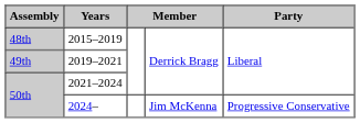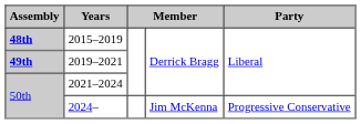 <table border=1 cellpadding=5 cellspacing=0>
 <tr bgcolor="CCCCCC">
 <th>Assembly</th>
 <th>Years</th>
 <th colspan="2">Member</th>
 <th>Party</th>
 </tr>
 <tr>
-<td bgcolor="CCCCCC"><a href='#'>48th</a></td>
+<td bgcolor="CCCCCC"><strong><a href='#'>48th</a></strong></td>
 <td>2015–2019</td>
 <td rowspan="3" >   </td>
 <td rowspan="3"><a href='#'>Derrick Bragg</a></td>
 <td rowspan="3"><a href='#'>Liberal</a></td>
 </tr>
 <tr>
-<td bgcolor="CCCCCC"><a href='#'>49th</a></td>
+<td bgcolor="CCCCCC"><strong><a href='#'>49th</a></strong></td>
 <td>2019–2021</td>
 </tr>
 <tr>
 <td rowspan="2" bgcolor="CCCCCC"><a href='#'>50th</a></td>
 <td>2021–2024</td>
 </tr>
 <tr>
 <td><a href='#'>2024</a>–</td>
 <td rowspan="3" >   </td>
 <td rowspan="3"><a href='#'>Jim McKenna</a></td>
 <td rowspan="3"><a href='#'>Progressive Conservative</a></td>
 </tr>
 </table>
